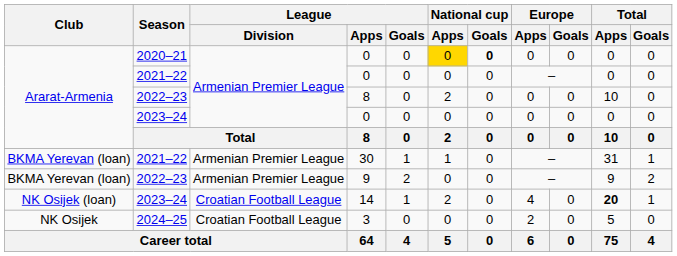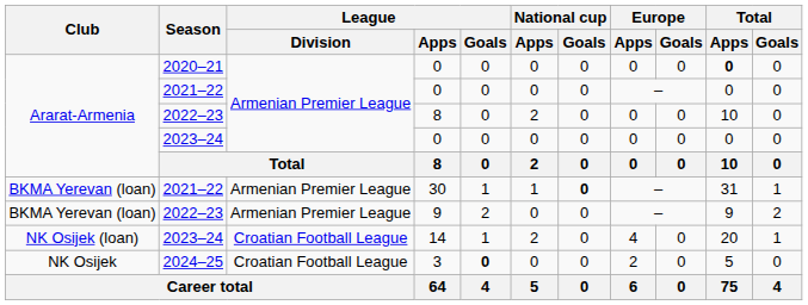 <table class="wikitable" style="text-align: center">
 <tr>
 <th rowspan="2">Club</th>
 <th rowspan="2">Season</th>
 <th colspan="3">League</th>
 <th colspan="2">National cup</th>
 <th colspan="2">Europe</th>
 <th colspan="2">Total</th>
 </tr>
 <tr>
 <th>Division</th>
 <th>Apps</th>
 <th>Goals</th>
 <th>Apps</th>
 <th>Goals</th>
 <th>Apps</th>
 <th>Goals</th>
 <th>Apps</th>
 <th>Goals</th>
 </tr>
 <tr>
 <td rowspan="5"><a href='#'>Ararat-Armenia</a></td>
 <td><a href='#'>2020–21</a></td>
 <td rowspan="4"><a href='#'>Armenian Premier League</a></td>
 <td>0</td>
 <td>0</td>
-<td style="background: gold;">0</td>
-<td><strong>0</strong></td>
 <td>0</td>
 <td>0</td>
 <td>0</td>
+<td>0</td>
+<td><strong>0</strong></td>
 <td>0</td>
 </tr>
 <tr>
 <td><a href='#'>2021–22</a></td>
 <td>0</td>
 <td>0</td>
 <td>0</td>
 <td>0</td>
 <td colspan="2">–</td>
 <td>0</td>
 <td>0</td>
 </tr>
 <tr>
 <td><a href='#'>2022–23</a></td>
 <td>8</td>
 <td>0</td>
 <td>2</td>
 <td>0</td>
 <td>0</td>
 <td>0</td>
 <td>10</td>
 <td>0</td>
 </tr>
 <tr>
 <td><a href='#'>2023–24</a></td>
 <td>0</td>
 <td>0</td>
 <td>0</td>
 <td>0</td>
 <td>0</td>
 <td>0</td>
 <td>0</td>
 <td>0</td>
 </tr>
 <tr>
 <th colspan="2">Total</th>
 <th>8</th>
 <th>0</th>
 <th>2</th>
 <th>0</th>
 <th>0</th>
 <th>0</th>
 <th>10</th>
 <th>0</th>
 </tr>
 <tr>
 <td><a href='#'>BKMA Yerevan</a> (loan)</td>
 <td><a href='#'>2021–22</a></td>
 <td>Armenian Premier League</td>
 <td>30</td>
 <td>1</td>
 <td>1</td>
-<td>0</td>
+<td><strong>0</strong></td>
 <td colspan="2">–</td>
 <td>31</td>
 <td>1</td>
 </tr>
 <tr>
 <td>BKMA Yerevan (loan)</td>
 <td><a href='#'>2022–23</a></td>
 <td>Armenian Premier League</td>
 <td>9</td>
 <td>2</td>
 <td>0</td>
 <td>0</td>
 <td colspan="2">–</td>
 <td>9</td>
 <td>2</td>
 </tr>
 <tr>
 <td><a href='#'>NK Osijek</a> (loan)</td>
 <td><a href='#'>2023–24</a></td>
 <td><a href='#'>Croatian Football League</a></td>
 <td>14</td>
 <td>1</td>
 <td>2</td>
 <td>0</td>
 <td>4</td>
 <td>0</td>
-<td><strong>20</strong></td>
+<td>20</td>
 <td>1</td>
 </tr>
 <tr>
 <td>NK Osijek</td>
 <td><a href='#'>2024–25</a></td>
 <td>Croatian Football League</td>
 <td>3</td>
-<td>0</td>
+<td><strong>0</strong></td>
 <td>0</td>
 <td>0</td>
 <td>2</td>
 <td>0</td>
 <td>5</td>
 <td>0</td>
 </tr>
 <tr>
 <th colspan="3">Career total</th>
 <th>64</th>
 <th>4</th>
 <th>5</th>
 <th>0</th>
 <th>6</th>
 <th>0</th>
 <th>75</th>
 <th>4</th>
 </tr>
 </table>
